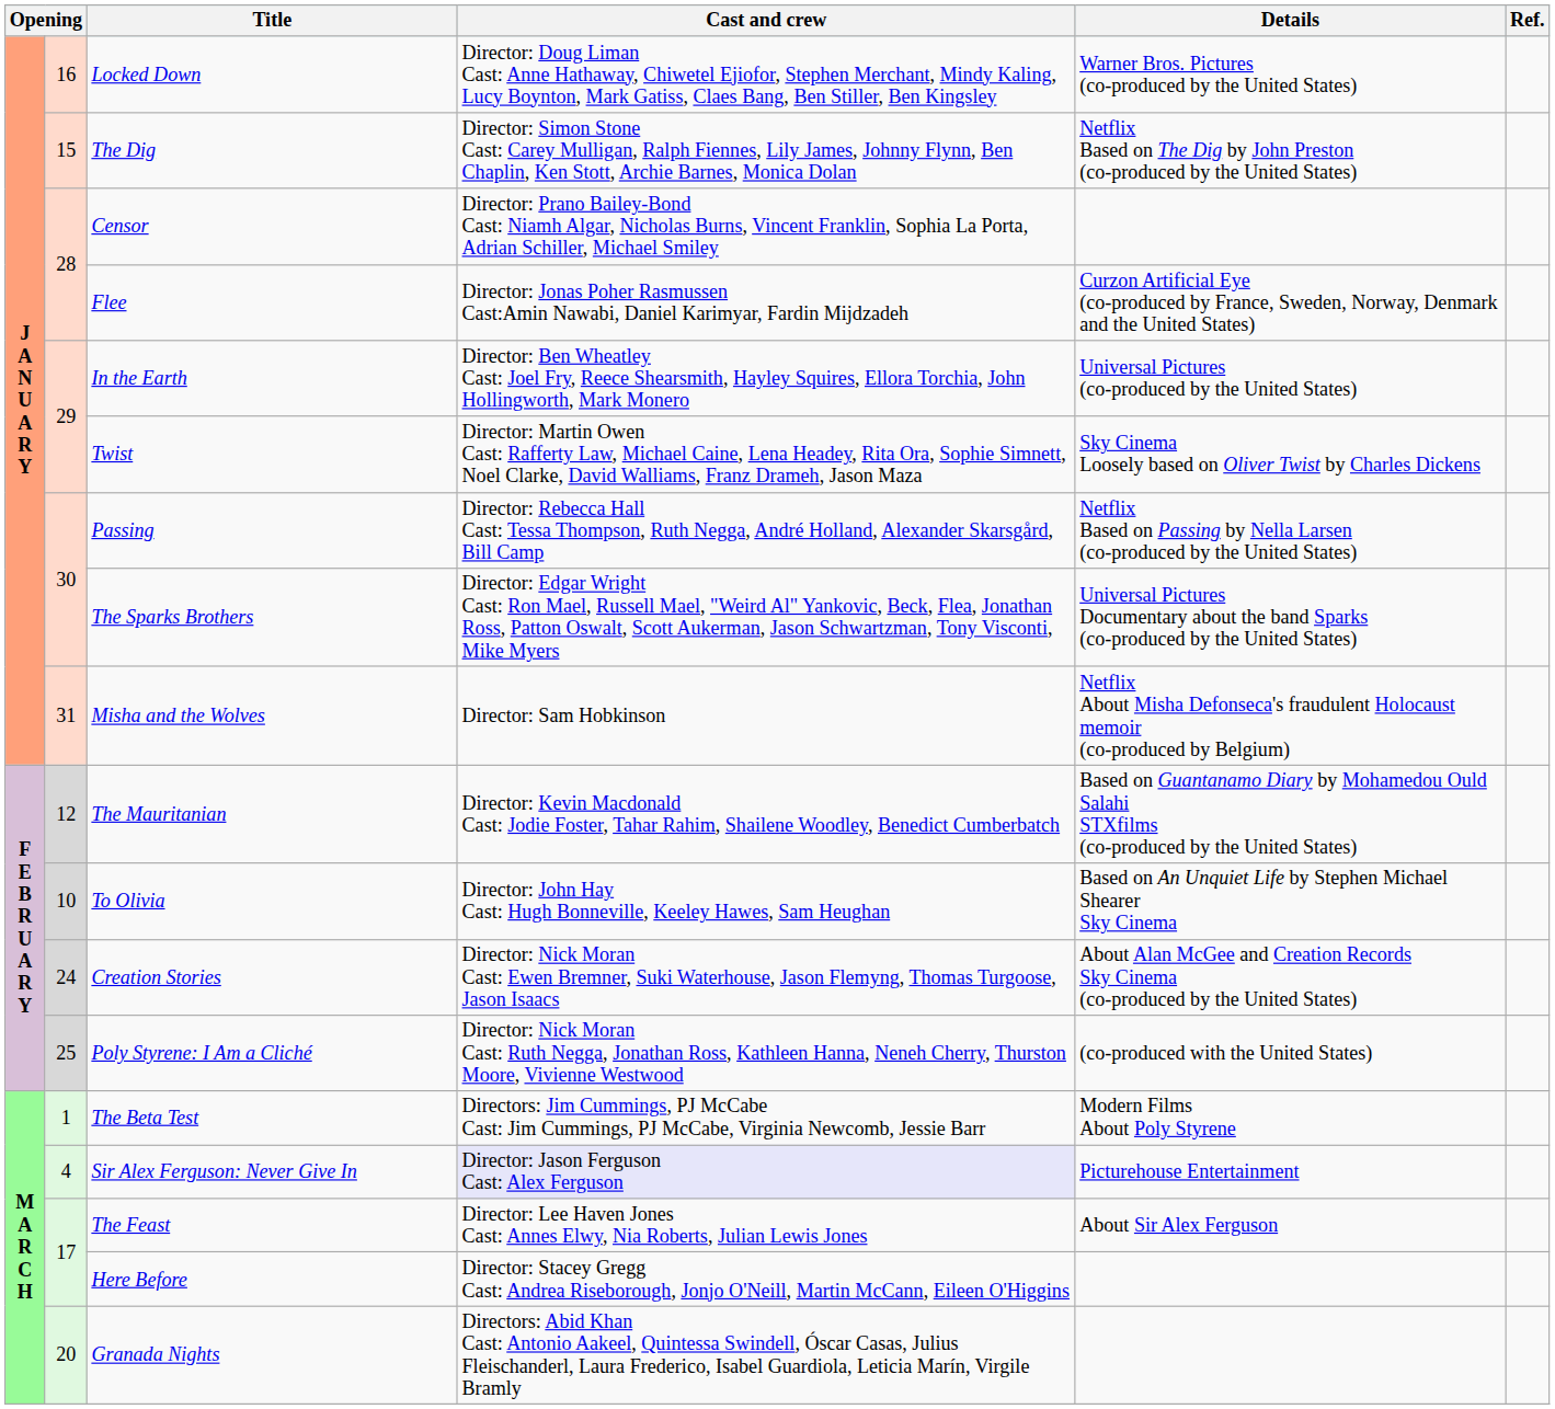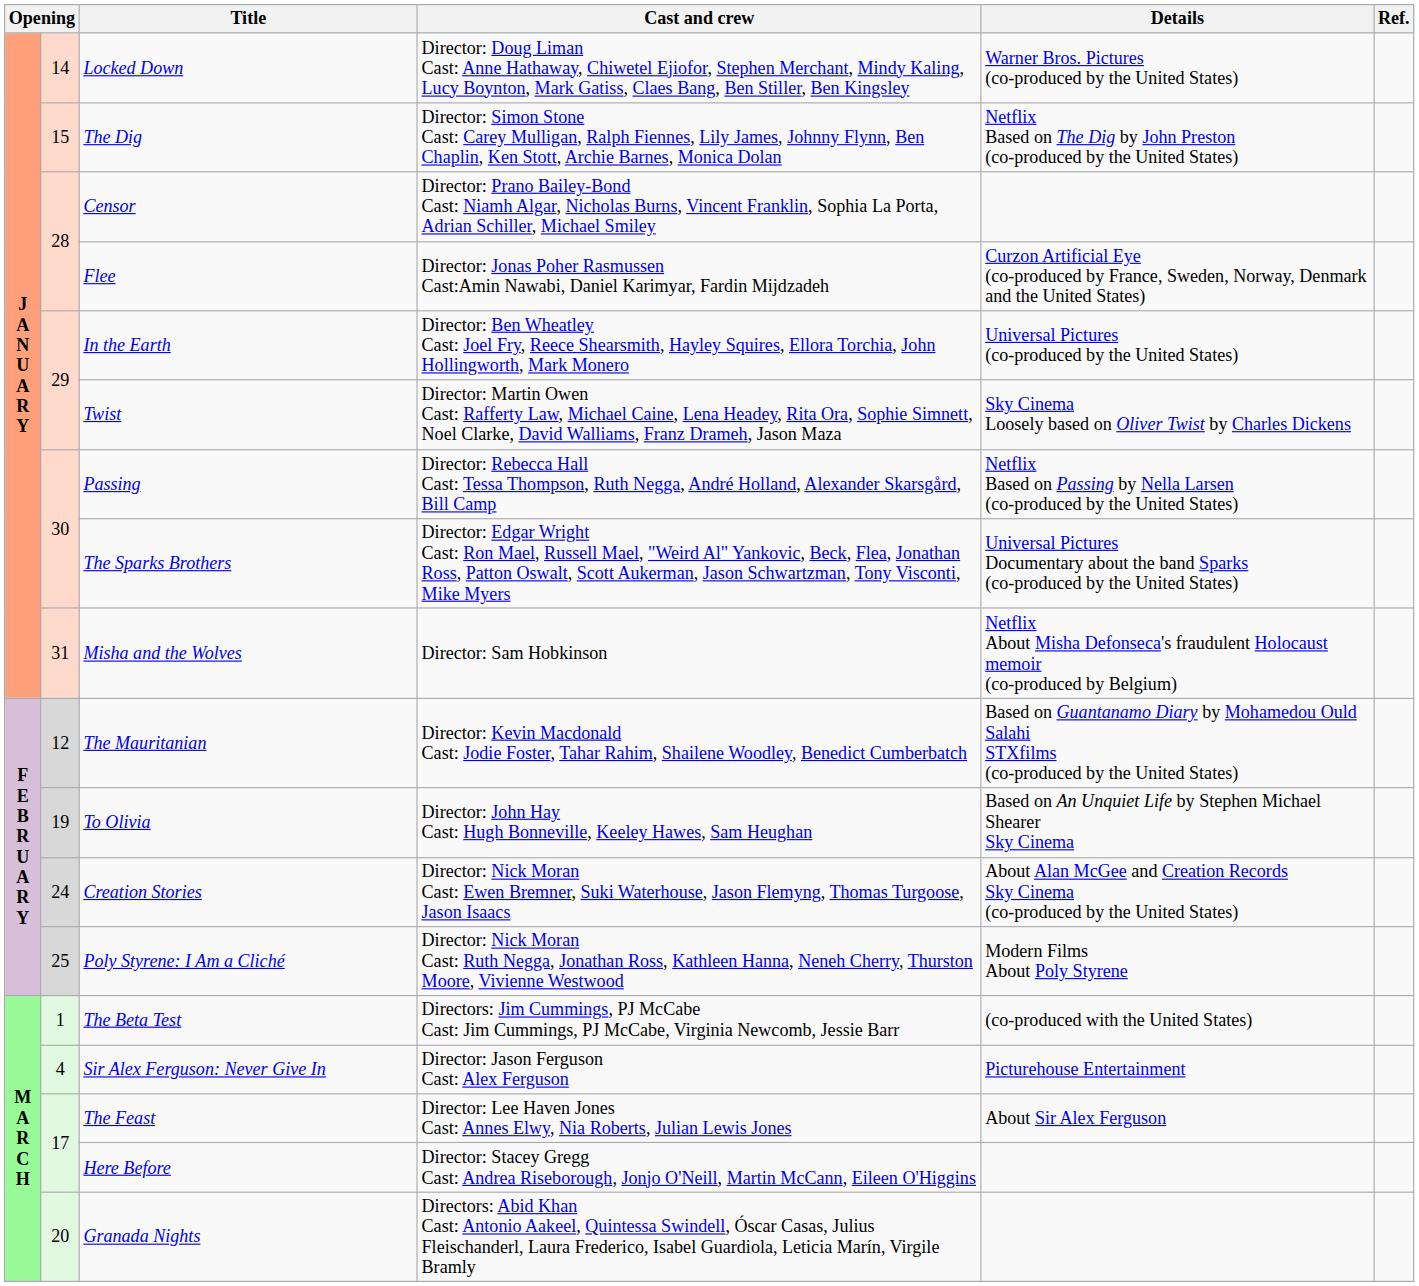 <table class="wikitable">
 <tr style="background:#b0e0e6; text-align:center;">
 <th colspan="2">Opening</th>
 <th style="width:24%;">Title</th>
 <th style="width:40%;">Cast and crew</th>
 <th>Details</th>
 <th style="width:2%;">Ref.</th>
 </tr>
 <tr>
 <th rowspan="9" style="text-align:center; background:#ffa07a; textcolor:#000;">J<br>A<br>N<br>U<br>A<br>R<br>Y</th>
-<td rowspan="1" style="text-align:center; background:#ffdacc;">16</td>
+<td rowspan="1" style="text-align:center; background:#ffdacc;">14</td>
 <td><em><a href='#'>Locked Down</a></em></td>
 <td>Director: <a href='#'>Doug Liman</a> <br> Cast: <a href='#'>Anne Hathaway</a>, <a href='#'>Chiwetel Ejiofor</a>, <a href='#'>Stephen Merchant</a>, <a href='#'>Mindy Kaling</a>, <a href='#'>Lucy Boynton</a>, <a href='#'>Mark Gatiss</a>, <a href='#'>Claes Bang</a>, <a href='#'>Ben Stiller</a>, <a href='#'>Ben Kingsley</a></td>
 <td><a href='#'>Warner Bros. Pictures</a> <br> (co-produced by the United States)</td>
 <td style="text-align:center"></td>
 </tr>
 <tr>
 <td rowspan="1" style="text-align:center; background:#ffdacc;">15</td>
 <td><em><a href='#'>The Dig</a></em></td>
 <td>Director: <a href='#'>Simon Stone</a> <br> Cast: <a href='#'>Carey Mulligan</a>, <a href='#'>Ralph Fiennes</a>, <a href='#'>Lily James</a>, <a href='#'>Johnny Flynn</a>, <a href='#'>Ben Chaplin</a>, <a href='#'>Ken Stott</a>, <a href='#'>Archie Barnes</a>, <a href='#'>Monica Dolan</a></td>
 <td><a href='#'>Netflix</a> <br> Based on <em><a href='#'>The Dig</a></em> by <a href='#'>John Preston</a> <br> (co-produced by the United States)</td>
 <td style="text-align:center"></td>
 </tr>
 <tr>
 <td rowspan="2" style="text-align:center; background:#ffdacc;">28</td>
 <td><em><a href='#'>Censor</a></em></td>
 <td>Director: <a href='#'>Prano Bailey-Bond</a> <br> Cast: <a href='#'>Niamh Algar</a>, <a href='#'>Nicholas Burns</a>, <a href='#'>Vincent Franklin</a>, Sophia La Porta, <a href='#'>Adrian Schiller</a>, <a href='#'>Michael Smiley</a></td>
 <td></td>
 <td style="text-align:center"></td>
 </tr>
 <tr>
 <td><em><a href='#'>Flee</a></em></td>
 <td>Director: <a href='#'>Jonas Poher Rasmussen</a> <br> Cast:Amin Nawabi, Daniel Karimyar, Fardin Mijdzadeh</td>
 <td><a href='#'>Curzon Artificial Eye</a> <br> (co-produced by France, Sweden, Norway, Denmark and the United States)</td>
 <td style="text-align:center"></td>
 </tr>
 <tr>
 <td rowspan="2" style="text-align:center; background:#ffdacc;">29</td>
 <td><em><a href='#'>In the Earth</a></em></td>
 <td>Director: <a href='#'>Ben Wheatley</a> <br> Cast: <a href='#'>Joel Fry</a>, <a href='#'>Reece Shearsmith</a>, <a href='#'>Hayley Squires</a>, <a href='#'>Ellora Torchia</a>, <a href='#'>John Hollingworth</a>, <a href='#'>Mark Monero</a></td>
 <td><a href='#'>Universal Pictures</a> <br> (co-produced by the United States)</td>
 <td style="text-align:center"></td>
 </tr>
 <tr>
 <td><em><a href='#'>Twist</a></em></td>
 <td>Director: Martin Owen <br> Cast: <a href='#'>Rafferty Law</a>, <a href='#'>Michael Caine</a>, <a href='#'>Lena Headey</a>, <a href='#'>Rita Ora</a>, <a href='#'>Sophie Simnett</a>, Noel Clarke, <a href='#'>David Walliams</a>, <a href='#'>Franz Drameh</a>, Jason Maza</td>
 <td><a href='#'>Sky Cinema</a> <br> Loosely based on <em><a href='#'>Oliver Twist</a></em> by <a href='#'>Charles Dickens</a></td>
 <td style="text-align:center"></td>
 </tr>
 <tr>
 <td rowspan="2" style="text-align:center; background:#ffdacc;">30</td>
 <td><em><a href='#'>Passing</a></em></td>
 <td>Director: <a href='#'>Rebecca Hall</a> <br> Cast: <a href='#'>Tessa Thompson</a>, <a href='#'>Ruth Negga</a>, <a href='#'>André Holland</a>, <a href='#'>Alexander Skarsgård</a>, <a href='#'>Bill Camp</a></td>
 <td><a href='#'>Netflix</a> <br> Based on <em><a href='#'>Passing</a></em> by <a href='#'>Nella Larsen</a> <br> (co-produced by the United States)</td>
 <td style="text-align:center"></td>
 </tr>
 <tr>
 <td><em><a href='#'>The Sparks Brothers</a></em></td>
 <td>Director: <a href='#'>Edgar Wright</a> <br> Cast: <a href='#'>Ron Mael</a>, <a href='#'>Russell Mael</a>, <a href='#'>"Weird Al" Yankovic</a>, <a href='#'>Beck</a>, <a href='#'>Flea</a>, <a href='#'>Jonathan Ross</a>, <a href='#'>Patton Oswalt</a>, <a href='#'>Scott Aukerman</a>, <a href='#'>Jason Schwartzman</a>, <a href='#'>Tony Visconti</a>, <a href='#'>Mike Myers</a></td>
 <td><a href='#'>Universal Pictures</a> <br> Documentary about the band <a href='#'>Sparks</a> <br> (co-produced by the United States)</td>
 <td style="text-align:center"></td>
 </tr>
 <tr>
 <td rowspan="1" style="text-align:center; background:#ffdacc;">31</td>
 <td><em><a href='#'>Misha and the Wolves</a></em></td>
 <td>Director: Sam Hobkinson</td>
 <td><a href='#'>Netflix</a> <br> About <a href='#'>Misha Defonseca</a>'s fraudulent <a href='#'>Holocaust memoir</a> <br> (co-produced by Belgium)</td>
 <td style="text-align:center"></td>
 </tr>
 <tr>
 <th rowspan="4" style="text-align:center; background:thistle; textcolor:#000;">F<br>E<br>B<br>R<br>U<br>A<br>R<br>Y</th>
 <td rowspan="1" style="text-align:center; background:#d8d8d8;">12</td>
 <td><em><a href='#'>The Mauritanian</a></em></td>
 <td>Director: <a href='#'>Kevin Macdonald</a> <br> Cast: <a href='#'>Jodie Foster</a>, <a href='#'>Tahar Rahim</a>, <a href='#'>Shailene Woodley</a>, <a href='#'>Benedict Cumberbatch</a></td>
 <td>Based on <em><a href='#'>Guantanamo Diary</a></em> by <a href='#'>Mohamedou Ould Salahi</a> <br> <a href='#'>STXfilms</a> <br> (co-produced by the United States)</td>
 <td style="text-align:center"></td>
 </tr>
 <tr>
-<td rowspan="1" style="text-align:center; background:#d8d8d8;">10</td>
+<td rowspan="1" style="text-align:center; background:#d8d8d8;">19</td>
 <td><em><a href='#'>To Olivia</a></em></td>
 <td>Director: <a href='#'>John Hay</a> <br> Cast: <a href='#'>Hugh Bonneville</a>, <a href='#'>Keeley Hawes</a>, <a href='#'>Sam Heughan</a></td>
 <td>Based on <em>An Unquiet Life</em> by Stephen Michael Shearer <br> <a href='#'>Sky Cinema</a></td>
 <td style="text-align:center"></td>
 </tr>
 <tr>
 <td rowspan="1" style="text-align:center; background:#d8d8d8;">24</td>
 <td><em><a href='#'>Creation Stories</a></em></td>
 <td>Director: <a href='#'>Nick Moran</a> <br> Cast: <a href='#'>Ewen Bremner</a>, <a href='#'>Suki Waterhouse</a>, <a href='#'>Jason Flemyng</a>, <a href='#'>Thomas Turgoose</a>, <a href='#'>Jason Isaacs</a></td>
 <td>About <a href='#'>Alan McGee</a> and <a href='#'>Creation Records</a> <br> <a href='#'>Sky Cinema</a> <br> (co-produced by the United States)</td>
 <td style="text-align:center"></td>
 </tr>
 <tr>
 <td rowspan="1" style="text-align:center; background:#d8d8d8;">25</td>
 <td><em><a href='#'>Poly Styrene: I Am a Cliché</a></em></td>
 <td>Director: <a href='#'>Nick Moran</a> <br> Cast: <a href='#'>Ruth Negga</a>, <a href='#'>Jonathan Ross</a>, <a href='#'>Kathleen Hanna</a>, <a href='#'>Neneh Cherry</a>, <a href='#'>Thurston Moore</a>, <a href='#'>Vivienne Westwood</a></td>
-<td>(co-produced with the United States)</td>
+<td>Modern Films<br>About <a href='#'>Poly Styrene</a></td>
 <td style="text-align:center"></td>
 </tr>
 <tr>
 <th rowspan="5" style="text-align:center; background:#98fb98; textcolor:#000;">M<br>A<br>R<br>C<br>H</th>
 <td rowspan="1" style="text-align:center; background:#e0f9e0;">1</td>
 <td><em><a href='#'>The Beta Test</a></em></td>
 <td>Directors: <a href='#'>Jim Cummings</a>, PJ McCabe <br> Cast: Jim Cummings, PJ McCabe, Virginia Newcomb, Jessie Barr</td>
-<td>Modern Films<br>About <a href='#'>Poly Styrene</a></td>
+<td>(co-produced with the United States)</td>
 <td style="text-align:center"></td>
 </tr>
 <tr>
 <td rowspan="1" style="text-align:center; background:#e0f9e0;">4</td>
 <td><em><a href='#'>Sir Alex Ferguson: Never Give In</a></em></td>
-<td style="background: lavender;">Director: Jason Ferguson <br> Cast: <a href='#'>Alex Ferguson</a></td>
+<td>Director: Jason Ferguson <br> Cast: <a href='#'>Alex Ferguson</a></td>
 <td><a href='#'>Picturehouse Entertainment</a></td>
 <td style="text-align:center"></td>
 </tr>
 <tr>
 <td rowspan="2" style="text-align:center; background:#e0f9e0;">17</td>
 <td><em><a href='#'>The Feast</a></em></td>
 <td>Director: Lee Haven Jones <br> Cast: <a href='#'>Annes Elwy</a>, <a href='#'>Nia Roberts</a>, <a href='#'>Julian Lewis Jones</a></td>
 <td>About <a href='#'>Sir Alex Ferguson</a></td>
 <td></td>
 </tr>
 <tr>
 <td><em><a href='#'>Here Before</a></em></td>
 <td>Director: Stacey Gregg <br> Cast: <a href='#'>Andrea Riseborough</a>, <a href='#'>Jonjo O'Neill</a>, <a href='#'>Martin McCann</a>, <a href='#'>Eileen O'Higgins</a></td>
 <td></td>
 <td style="text-align:center"></td>
 </tr>
 <tr>
 <td rowspan="1" style="text-align:center; background:#e0f9e0;">20</td>
 <td><em><a href='#'>Granada Nights</a></em></td>
 <td>Directors: <a href='#'>Abid Khan</a> <br> Cast: <a href='#'>Antonio Aakeel</a>, <a href='#'>Quintessa Swindell</a>, Óscar Casas, Julius Fleischanderl, Laura Frederico, Isabel Guardiola, Leticia Marín, Virgile Bramly</td>
 <td></td>
 <td style="text-align:center"></td>
 </tr>
 <tr>
 </tr>
 </table>
